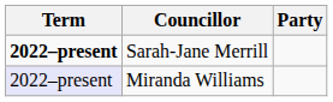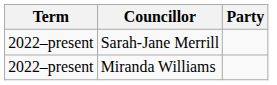 <table class="wikitable">
 <tr>
 <th>Term</th>
 <th>Councillor</th>
 <th colspan=2>Party</th>
 </tr>
 <tr>
-<td><strong>2022–present</strong></td>
+<td>2022–present</td>
 <td>Sarah-Jane Merrill</td>
 <td></td>
 </tr>
 <tr>
-<td style="background: lavender;">2022–present</td>
+<td>2022–present</td>
 <td>Miranda Williams</td>
 <td></td>
 </tr>
 </table>
